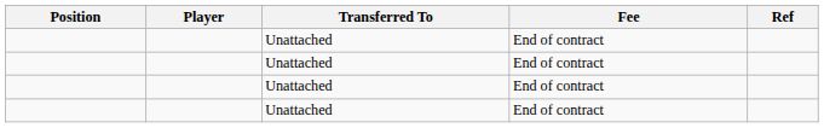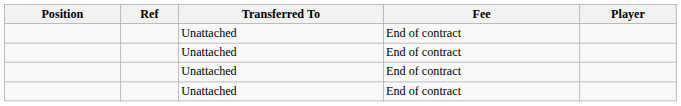 <table class="wikitable sortable" style="width:70%; text-align:center; font-size:100%; text-align:left;">
 <tr>
 <th>Position</th>
-<th>Player</th>
+<th>Ref</th>
 <th>Transferred To</th>
 <th>Fee</th>
-<th>Ref</th>
+<th>Player</th>
 </tr>
 <tr>
 <td></td>
 <td></td>
 <td>Unattached</td>
 <td>End of contract</td>
 <td></td>
 </tr>
 <tr>
 <td></td>
 <td></td>
 <td>Unattached</td>
 <td>End of contract</td>
 <td></td>
 </tr>
 <tr>
 <td></td>
 <td></td>
 <td>Unattached</td>
 <td>End of contract</td>
 <td></td>
 </tr>
 <tr>
 <td></td>
 <td></td>
 <td>Unattached</td>
 <td>End of contract</td>
 <td></td>
 </tr>
 </table>
